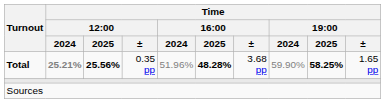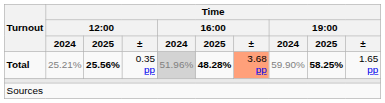 <table class="wikitable sortable" style="text-align:right;">
 <tr>
 <th rowspan="3">Turnout</th>
 <th colspan="9">Time</th>
 </tr>
 <tr>
 <th colspan="3">12:00</th>
 <th colspan="3">16:00</th>
 <th colspan="3">19:00</th>
 </tr>
 <tr>
 <th>2024</th>
 <th>2025</th>
 <th>±</th>
 <th>2024</th>
 <th>2025</th>
 <th>±</th>
 <th>2024</th>
 <th>2025</th>
 <th>±</th>
 </tr>
 <tr>
 <td align="left"><strong>Total</strong></td>
-<td style="color:gray;"><strong>25.21%</strong></td>
+<td style="color:gray;">25.21%</td>
 <td><strong>25.56%</strong></td>
 <td> 0.35 <a href='#'>pp</a></td>
-<td style="color:gray;">51.96%</td>
+<td style="background: lightgrey; color:gray;">51.96%</td>
 <td><strong>48.28%</strong></td>
-<td> 3.68 <a href='#'>pp</a></td>
+<td style="background: lightsalmon;"> 3.68 <a href='#'>pp</a></td>
 <td style="color:gray;">59.90%</td>
 <td><strong>58.25%</strong></td>
 <td> 1.65 <a href='#'>pp</a></td>
 </tr>
 <tr>
 <td colspan="10" bgcolor="#E9E9E9"></td>
 </tr>
 <tr>
 <td align="left" colspan="10">Sources</td>
 </tr>
 </table>
